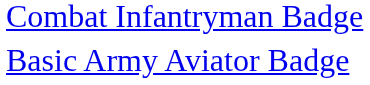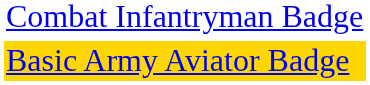 <table>
 <tr>
 <td> <a href='#'>Combat Infantryman Badge</a></td>
 </tr>
 <tr>
-<td> <a href='#'>Basic Army Aviator Badge</a></td>
+<td style="background: gold;"> <a href='#'>Basic Army Aviator Badge</a></td>
 </tr>
 </table>
